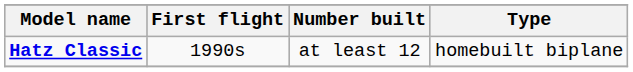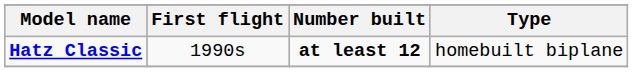 <table class="wikitable" align=center style="font-size:90%;">
 <tr>
 </tr>
 <tr style="background:#efefef;">
 <th>Model name</th>
 <th>First flight</th>
 <th>Number built</th>
 <th>Type</th>
 </tr>
 <tr>
 <td align=left><strong><a href='#'>Hatz Classic</a></strong></td>
 <td align=center>1990s</td>
-<td align=center>at least 12</td>
+<td align=center><strong>at least 12</strong></td>
 <td align=left>homebuilt biplane</td>
 </tr>
 <tr>
 </tr>
 </table>
